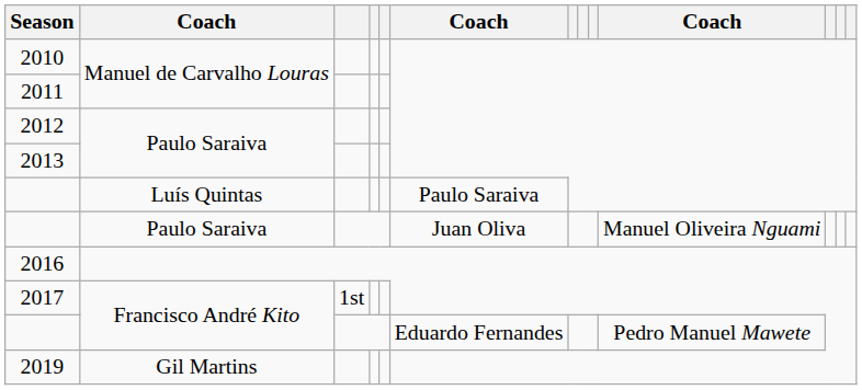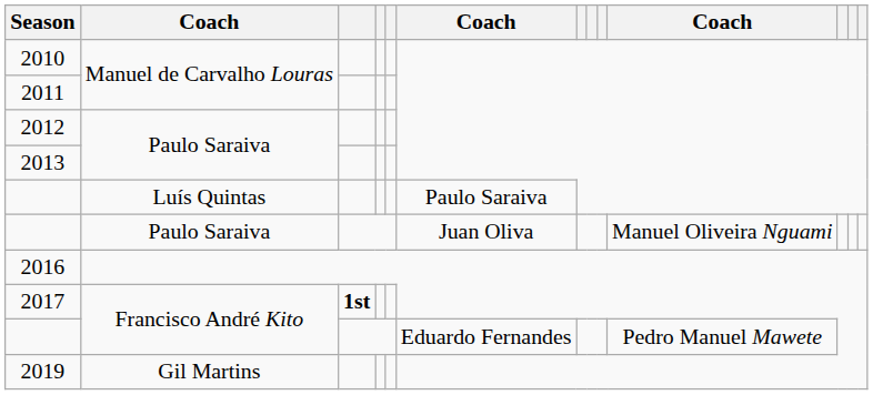 <table class="wikitable" style="text-align:center;">
 <tr>
 <th>Season</th>
 <th>Coach</th>
 <th></th>
 <th></th>
 <th></th>
 <th>Coach</th>
 <th></th>
 <th></th>
 <th></th>
 <th>Coach</th>
 <th></th>
 <th></th>
 <th></th>
 </tr>
 <tr>
 <td>2010</td>
 <td rowspan=2> Manuel de Carvalho <em>Louras</em></td>
 <td></td>
 <td></td>
 <td></td>
 </tr>
 <tr>
 <td>2011</td>
 <td></td>
 <td></td>
 <td></td>
 </tr>
 <tr>
 <td>2012</td>
 <td rowspan=2> Paulo Saraiva</td>
 <td></td>
 <td></td>
 <td></td>
 </tr>
 <tr>
 <td>2013</td>
 <td></td>
 <td></td>
 <td></td>
 </tr>
 <tr>
 <td></td>
 <td> Luís Quintas</td>
 <td></td>
 <td></td>
 <td></td>
 <td> Paulo Saraiva</td>
 </tr>
 <tr>
 <td></td>
 <td> Paulo Saraiva</td>
 <td colspan=3></td>
 <td> Juan Oliva</td>
 <td colspan=3></td>
 <td> Manuel Oliveira <em>Nguami</em></td>
 <td></td>
 <td></td>
 <td></td>
 </tr>
 <tr>
 <td>2016</td>
 </tr>
 <tr>
 <td>2017</td>
 <td rowspan=2> Francisco André <em>Kito</em></td>
-<td>1st</td>
+<td><strong>1st</strong></td>
 <td></td>
 <td></td>
 </tr>
 <tr>
 <td></td>
 <td colspan=3></td>
 <td> Eduardo Fernandes</td>
 <td colspan=3></td>
 <td> Pedro Manuel <em>Mawete</em></td>
 </tr>
 <tr>
 <td>2019</td>
 <td rowspan=2> Gil Martins</td>
 <td></td>
 <td></td>
 <td></td>
 </tr>
 </table>
